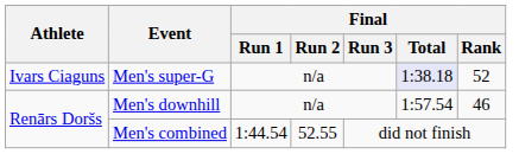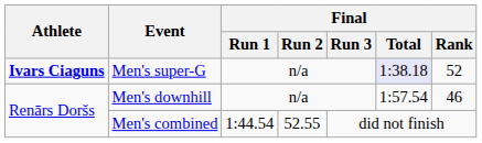 <table class="wikitable" style="font-size:90%">
 <tr>
 <th rowspan="2">Athlete</th>
 <th rowspan="2">Event</th>
 <th colspan="5">Final</th>
 </tr>
 <tr>
 <th>Run 1</th>
 <th>Run 2</th>
 <th>Run 3</th>
 <th>Total</th>
 <th>Rank</th>
 </tr>
 <tr>
-<td><a href='#'>Ivars Ciaguns</a></td>
+<td><strong><a href='#'>Ivars Ciaguns</a></strong></td>
 <td><a href='#'>Men's super-G</a></td>
 <td colspan=3 align="center">n/a</td>
 <td align="center" style="background: lavender;">1:38.18</td>
 <td align="center">52</td>
 </tr>
 <tr>
 <td rowspan=2><a href='#'>Renārs Doršs</a></td>
 <td><a href='#'>Men's downhill</a></td>
 <td colspan=3 align="center">n/a</td>
 <td align="center">1:57.54</td>
 <td align="center">46</td>
 </tr>
 <tr>
 <td><a href='#'>Men's combined</a></td>
 <td align="center">1:44.54</td>
 <td align="center">52.55</td>
 <td colspan=3 align="center">did not finish</td>
 </tr>
 </table>
